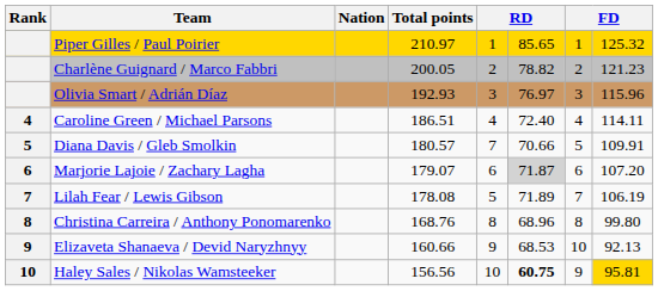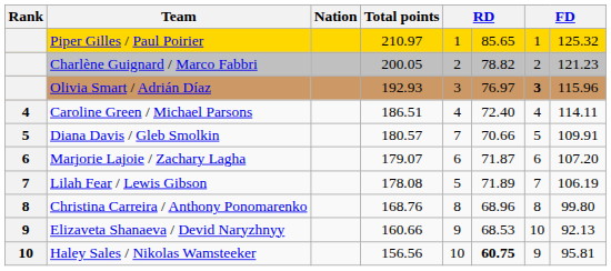 <table class="wikitable sortable" style="text-align:left">
 <tr>
 <th scope="col">Rank</th>
 <th scope="col">Team</th>
 <th scope="col">Nation</th>
 <th scope="col">Total points</th>
 <th scope="col" colspan="2" width="80px"><a href='#'>RD</a></th>
 <th scope="col" colspan="2" width="80px"><a href='#'>FD</a></th>
 </tr>
 <tr bgcolor="gold">
 <th scope="row"></th>
 <td><a href='#'>Piper Gilles</a> / <a href='#'>Paul Poirier</a></td>
 <td></td>
 <td align="center">210.97</td>
 <td align="center">1</td>
 <td align="center">85.65</td>
 <td align="center">1</td>
 <td align="center">125.32</td>
 </tr>
 <tr bgcolor="silver">
 <th scope="row"></th>
 <td><a href='#'>Charlène Guignard</a> / <a href='#'>Marco Fabbri</a></td>
 <td></td>
 <td align="center">200.05</td>
 <td align="center">2</td>
 <td align="center">78.82</td>
 <td align="center">2</td>
 <td align="center">121.23</td>
 </tr>
 <tr bgcolor="cc9966">
 <th scope="row"></th>
 <td><a href='#'>Olivia Smart</a> / <a href='#'>Adrián Díaz</a></td>
 <td></td>
 <td align="center">192.93</td>
 <td align="center">3</td>
 <td align="center">76.97</td>
-<td align="center">3</td>
+<td align="center"><strong>3</strong></td>
 <td align="center">115.96</td>
 </tr>
 <tr>
 <th scope="row">4</th>
 <td><a href='#'>Caroline Green</a> / <a href='#'>Michael Parsons</a></td>
 <td></td>
 <td align="center">186.51</td>
 <td align="center">4</td>
 <td align="center">72.40</td>
 <td align="center">4</td>
 <td align="center">114.11</td>
 </tr>
 <tr>
 <th scope="row">5</th>
 <td><a href='#'>Diana Davis</a> / <a href='#'>Gleb Smolkin</a></td>
 <td></td>
 <td align="center">180.57</td>
 <td align="center">7</td>
 <td align="center">70.66</td>
 <td align="center">5</td>
 <td align="center">109.91</td>
 </tr>
 <tr>
 <th scope="row">6</th>
 <td><a href='#'>Marjorie Lajoie</a> / <a href='#'>Zachary Lagha</a></td>
 <td></td>
 <td align="center">179.07</td>
 <td align="center">6</td>
-<td align="center" style="background: lightgrey;">71.87</td>
+<td align="center">71.87</td>
 <td align="center">6</td>
 <td align="center">107.20</td>
 </tr>
 <tr>
 <th scope="row">7</th>
 <td><a href='#'>Lilah Fear</a> / <a href='#'>Lewis Gibson</a></td>
 <td></td>
 <td align="center">178.08</td>
 <td align="center">5</td>
 <td align="center">71.89</td>
 <td align="center">7</td>
 <td align="center">106.19</td>
 </tr>
 <tr>
 <th scope="row">8</th>
 <td><a href='#'>Christina Carreira</a> / <a href='#'>Anthony Ponomarenko</a></td>
 <td></td>
 <td align="center">168.76</td>
 <td align="center">8</td>
 <td align="center">68.96</td>
 <td align="center">8</td>
 <td align="center">99.80</td>
 </tr>
 <tr>
 <th scope="row">9</th>
 <td><a href='#'>Elizaveta Shanaeva</a> / <a href='#'>Devid Naryzhnyy</a></td>
 <td></td>
 <td align="center">160.66</td>
 <td align="center">9</td>
 <td align="center">68.53</td>
 <td align="center">10</td>
 <td align="center">92.13</td>
 </tr>
 <tr>
 <th scope="row">10</th>
 <td><a href='#'>Haley Sales</a> / <a href='#'>Nikolas Wamsteeker</a></td>
 <td></td>
 <td align="center">156.56</td>
 <td align="center">10</td>
 <td align="center"><strong>60.75</strong></td>
 <td align="center">9</td>
-<td align="center" style="background: gold;">95.81</td>
+<td align="center">95.81</td>
 </tr>
 </table>
